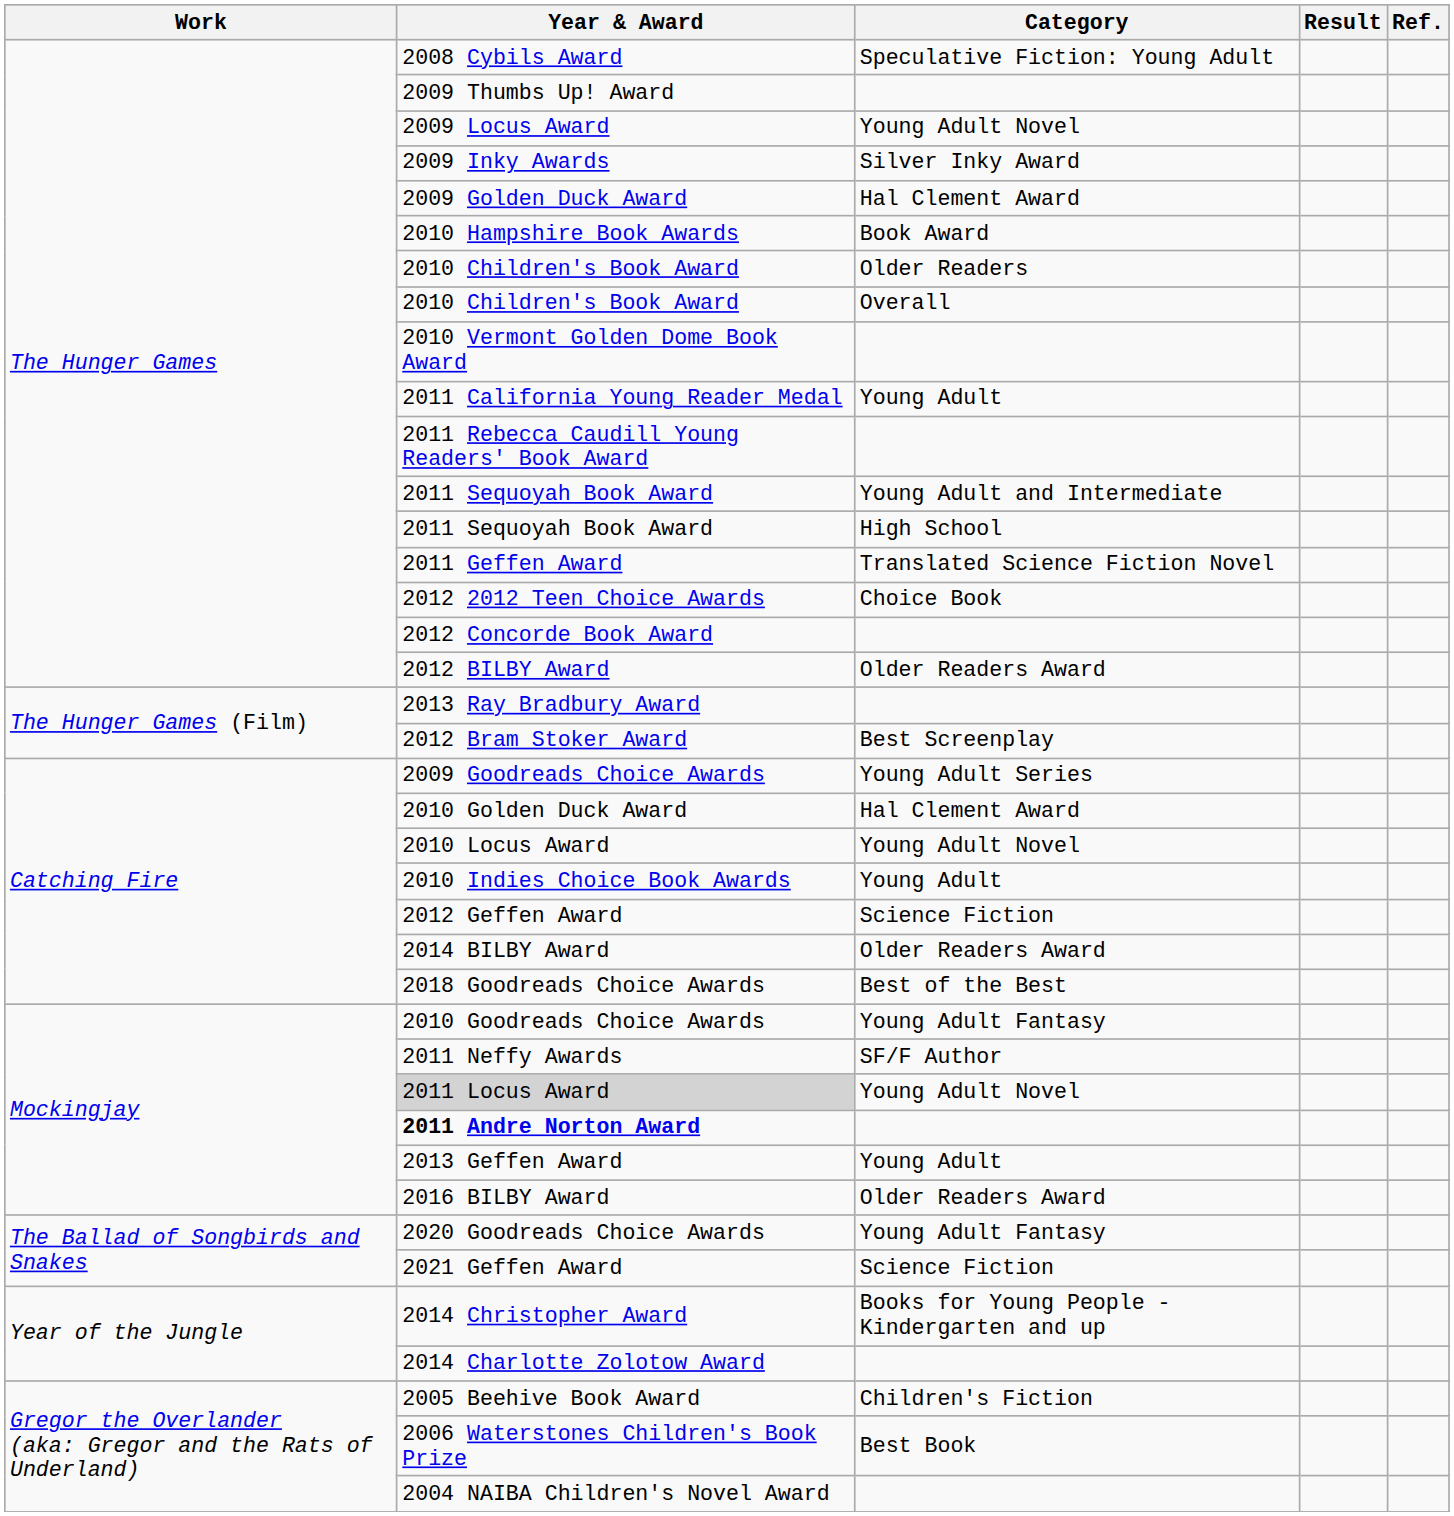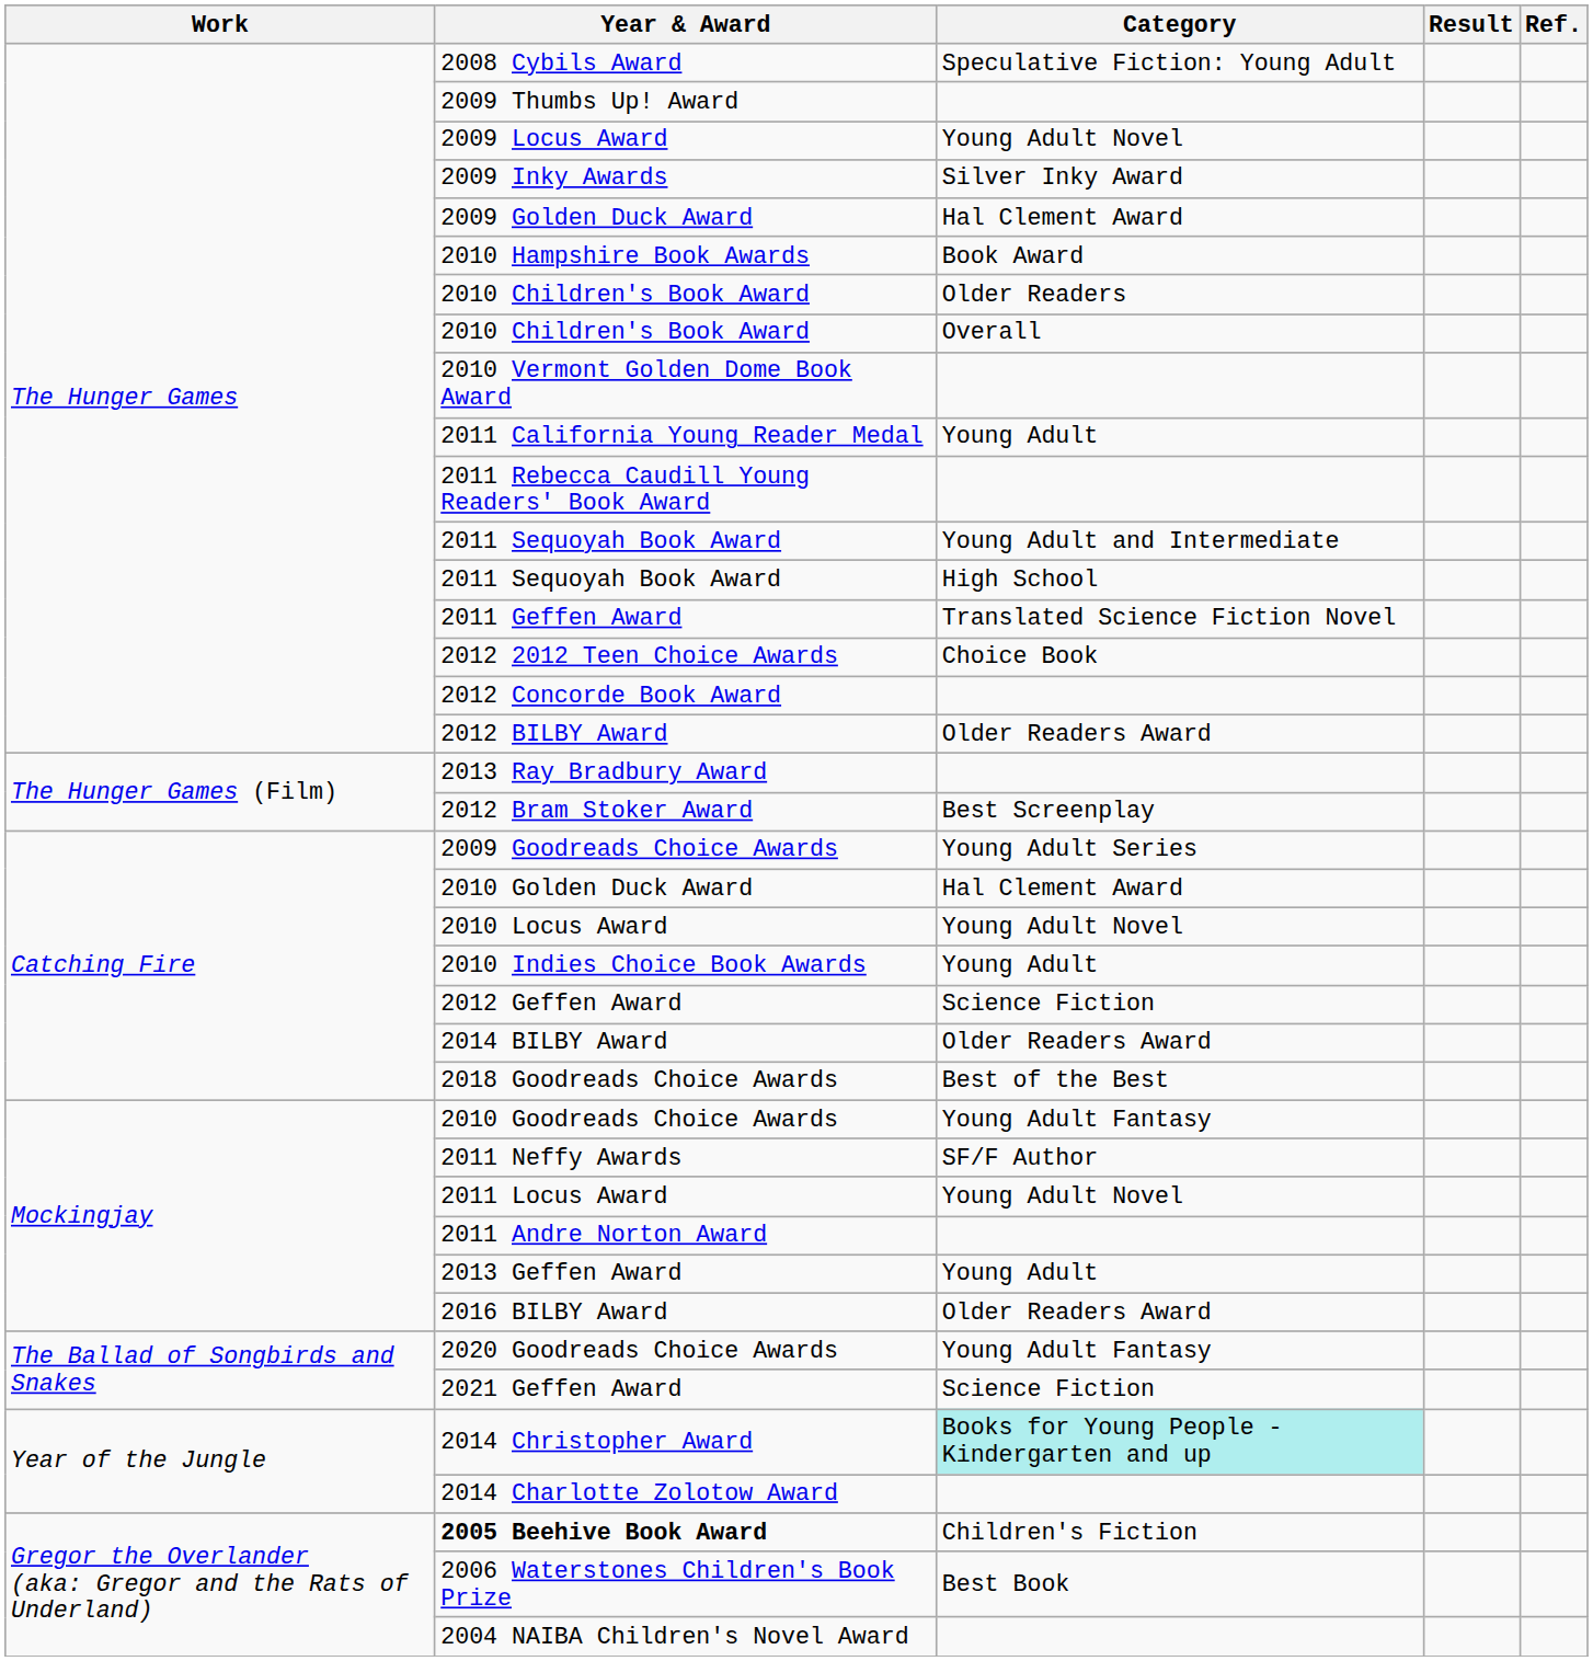 <table class="wikitable">
 <tr>
 <th>Work</th>
 <th>Year & Award</th>
 <th>Category</th>
 <th>Result</th>
 <th>Ref.</th>
 </tr>
 <tr>
 <td rowspan="17"><em><a href='#'>The Hunger Games</a></em></td>
 <td>2008 <a href='#'>Cybils Award</a></td>
 <td>Speculative Fiction: Young Adult</td>
 <td></td>
 <td></td>
 </tr>
 <tr>
 <td>2009 Thumbs Up! Award</td>
 <td></td>
 <td></td>
 <td></td>
 </tr>
 <tr>
 <td>2009 <a href='#'>Locus Award</a></td>
 <td>Young Adult Novel</td>
 <td></td>
 <td></td>
 </tr>
 <tr>
 <td>2009 <a href='#'>Inky Awards</a></td>
 <td>Silver Inky Award</td>
 <td></td>
 <td></td>
 </tr>
 <tr>
 <td>2009 <a href='#'>Golden Duck Award</a></td>
 <td>Hal Clement Award</td>
 <td></td>
 <td></td>
 </tr>
 <tr>
 <td>2010 <a href='#'>Hampshire Book Awards</a></td>
 <td>Book Award</td>
 <td></td>
 <td></td>
 </tr>
 <tr>
 <td>2010 <a href='#'>Children's Book Award</a></td>
 <td>Older Readers</td>
 <td></td>
 <td></td>
 </tr>
 <tr>
 <td>2010 <a href='#'>Children's Book Award</a></td>
 <td>Overall</td>
 <td></td>
 <td></td>
 </tr>
 <tr>
 <td>2010 <a href='#'>Vermont Golden Dome Book Award</a></td>
 <td></td>
 <td></td>
 <td></td>
 </tr>
 <tr>
 <td>2011 <a href='#'>California Young Reader Medal</a></td>
 <td>Young Adult</td>
 <td></td>
 <td></td>
 </tr>
 <tr>
 <td>2011 <a href='#'>Rebecca Caudill Young Readers' Book Award</a></td>
 <td></td>
 <td></td>
 <td></td>
 </tr>
 <tr>
 <td>2011 <a href='#'>Sequoyah Book Award</a></td>
 <td>Young Adult and Intermediate</td>
 <td></td>
 <td></td>
 </tr>
 <tr>
 <td>2011 Sequoyah Book Award</td>
 <td>High School</td>
 <td></td>
 <td></td>
 </tr>
 <tr>
 <td>2011 <a href='#'>Geffen Award</a></td>
 <td>Translated Science Fiction Novel</td>
 <td></td>
 <td></td>
 </tr>
 <tr>
 <td>2012 <a href='#'>2012 Teen Choice Awards</a></td>
 <td>Choice Book</td>
 <td></td>
 <td></td>
 </tr>
 <tr>
 <td>2012 <a href='#'>Concorde Book Award</a></td>
 <td></td>
 <td></td>
 <td></td>
 </tr>
 <tr>
 <td>2012 <a href='#'>BILBY Award</a></td>
 <td>Older Readers Award</td>
 <td></td>
 <td></td>
 </tr>
 <tr>
 <td rowspan="2"><em><a href='#'>The Hunger Games</a></em> (Film)</td>
 <td>2013 <a href='#'>Ray Bradbury Award</a></td>
 <td></td>
 <td></td>
 <td></td>
 </tr>
 <tr>
 <td>2012 <a href='#'>Bram Stoker Award</a></td>
 <td>Best Screenplay</td>
 <td></td>
 <td></td>
 </tr>
 <tr>
 <td rowspan="7"><em><a href='#'>Catching Fire</a></em></td>
 <td>2009 <a href='#'>Goodreads Choice Awards</a></td>
 <td>Young Adult Series</td>
 <td></td>
 <td></td>
 </tr>
 <tr>
 <td>2010 Golden Duck Award</td>
 <td>Hal Clement Award</td>
 <td></td>
 <td></td>
 </tr>
 <tr>
 <td>2010 Locus Award</td>
 <td>Young Adult Novel</td>
 <td></td>
 <td></td>
 </tr>
 <tr>
 <td>2010 <a href='#'>Indies Choice Book Awards</a></td>
 <td>Young Adult</td>
 <td></td>
 <td></td>
 </tr>
 <tr>
 <td>2012 Geffen Award</td>
 <td>Science Fiction</td>
 <td></td>
 <td></td>
 </tr>
 <tr>
 <td>2014 BILBY Award</td>
 <td>Older Readers Award</td>
 <td></td>
 <td></td>
 </tr>
 <tr>
 <td>2018 Goodreads Choice Awards</td>
 <td>Best of the Best</td>
 <td></td>
 <td></td>
 </tr>
 <tr>
 <td rowspan="6"><em><a href='#'>Mockingjay</a></em></td>
 <td>2010 Goodreads Choice Awards</td>
 <td>Young Adult Fantasy</td>
 <td></td>
 <td></td>
 </tr>
 <tr>
 <td>2011 Neffy Awards</td>
 <td>SF/F Author</td>
 <td></td>
 <td></td>
 </tr>
 <tr>
-<td style="background: lightgrey;">2011 Locus Award</td>
+<td>2011 Locus Award</td>
 <td>Young Adult Novel</td>
 <td></td>
 <td></td>
 </tr>
 <tr>
-<td><strong>2011 <a href='#'>Andre Norton Award</a></strong></td>
+<td>2011 <a href='#'>Andre Norton Award</a></td>
 <td></td>
 <td></td>
 <td></td>
 </tr>
 <tr>
 <td>2013 Geffen Award</td>
 <td>Young Adult</td>
 <td></td>
 <td></td>
 </tr>
 <tr>
 <td>2016 BILBY Award</td>
 <td>Older Readers Award</td>
 <td></td>
 <td></td>
 </tr>
 <tr>
 <td rowspan="2"><em><a href='#'>The Ballad of Songbirds and Snakes</a></em></td>
 <td>2020 Goodreads Choice Awards</td>
 <td>Young Adult Fantasy</td>
 <td></td>
 <td></td>
 </tr>
 <tr>
 <td>2021 Geffen Award</td>
 <td>Science Fiction</td>
 <td></td>
 <td></td>
 </tr>
 <tr>
 <td rowspan="2"><em>Year of the Jungle</em></td>
 <td>2014 <a href='#'>Christopher Award</a></td>
-<td>Books for Young People - Kindergarten and up</td>
+<td style="background: paleturquoise;">Books for Young People - Kindergarten and up</td>
 <td></td>
 <td></td>
 </tr>
 <tr>
 <td>2014 <a href='#'>Charlotte Zolotow Award</a></td>
 <td></td>
 <td></td>
 <td></td>
 </tr>
 <tr>
 <td rowspan="3"><em><a href='#'>Gregor the Overlander</a><br>(aka: Gregor and the Rats of Underland)</em></td>
-<td>2005 Beehive Book Award</td>
+<td><strong>2005 Beehive Book Award</strong></td>
 <td>Children's Fiction</td>
 <td></td>
 <td></td>
 </tr>
 <tr>
 <td>2006 <a href='#'>Waterstones Children's Book Prize</a></td>
 <td>Best Book</td>
 <td></td>
 <td></td>
 </tr>
 <tr>
 <td>2004 NAIBA Children's Novel Award</td>
 <td></td>
 <td></td>
 <td></td>
 </tr>
 <tr>
 </tr>
 </table>
